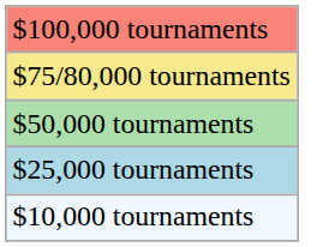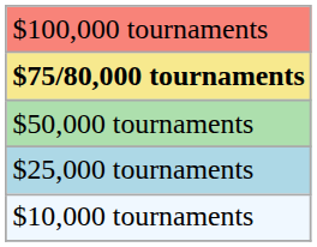 <table class="wikitable" style="font-size:85%">
 <tr style="background:#f88379;">
 <td>$100,000 tournaments</td>
 </tr>
 <tr style="background:#f7e98e;">
-<td>$75/80,000 tournaments</td>
+<td><strong>$75/80,000 tournaments</strong></td>
 </tr>
 <tr style="background:#addfad;">
 <td>$50,000 tournaments</td>
 </tr>
 <tr style="background:lightblue;">
 <td>$25,000 tournaments</td>
 </tr>
 <tr style="background:#f0f8ff;">
 <td>$10,000 tournaments</td>
 </tr>
 </table>
